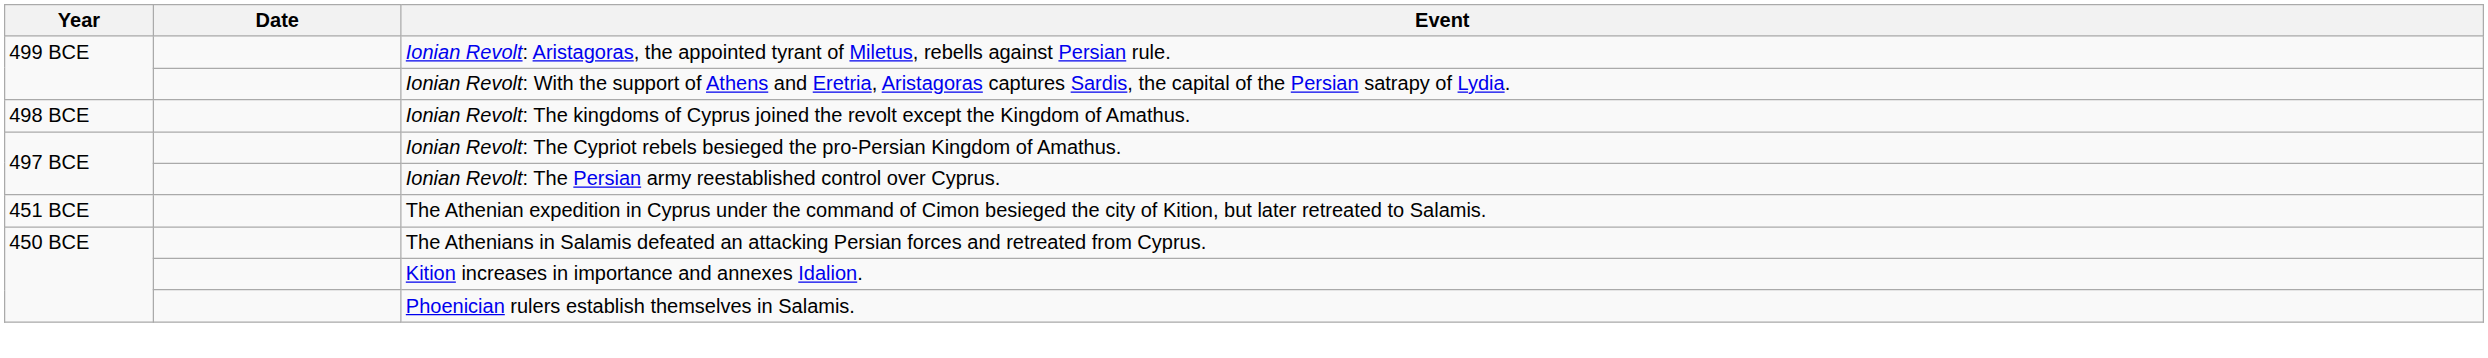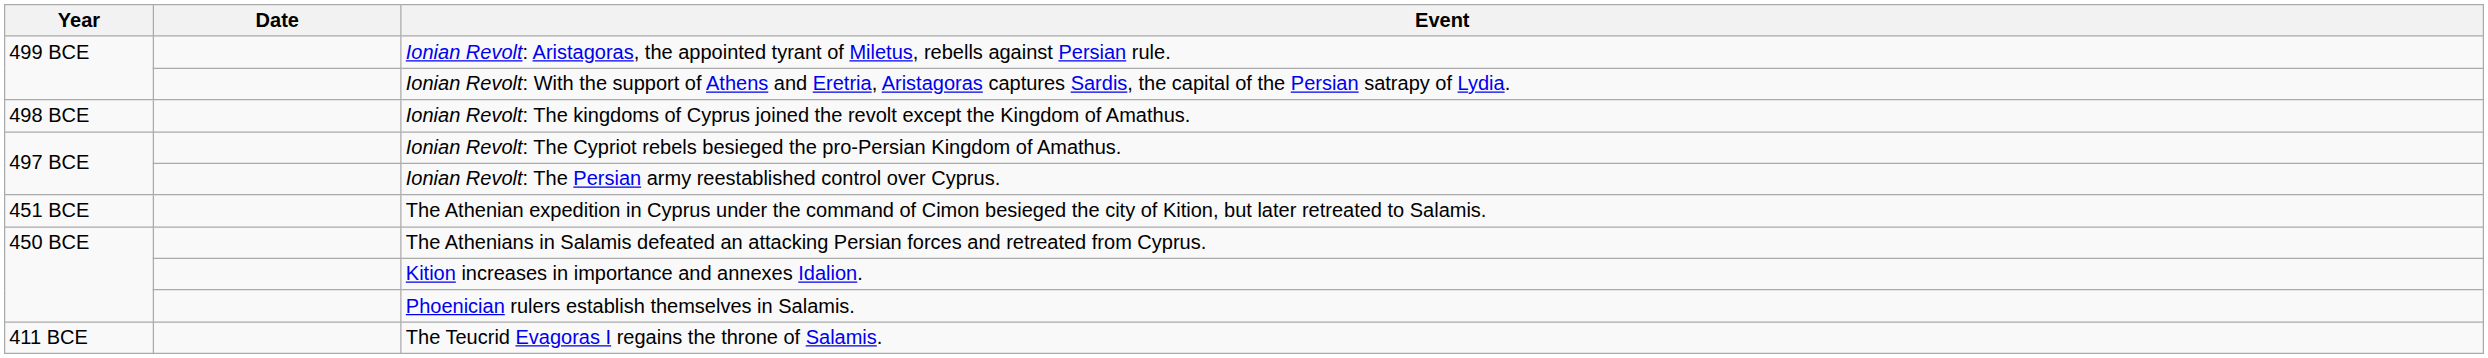 <table class="wikitable" width="100%">
 <tr>
 <th style="width:6%">Year</th>
 <th style="width:10%">Date</th>
 <th>Event</th>
 </tr>
 <tr>
 <td rowspan="2" style="vertical-align:top">499 BCE</td>
 <td></td>
 <td><em><a href='#'>Ionian Revolt</a></em>: <a href='#'>Aristagoras</a>, the appointed tyrant of <a href='#'>Miletus</a>, rebells against <a href='#'>Persian</a> rule.</td>
 </tr>
 <tr>
 <td></td>
 <td><em>Ionian Revolt</em>: With the support of <a href='#'>Athens</a> and <a href='#'>Eretria</a>, <a href='#'>Aristagoras</a> captures <a href='#'>Sardis</a>, the capital of the <a href='#'>Persian</a> satrapy of <a href='#'>Lydia</a>.</td>
 </tr>
 <tr>
 <td>498 BCE</td>
 <td></td>
 <td><em>Ionian Revolt</em>: The kingdoms of Cyprus joined the revolt except the Kingdom of Amathus.</td>
 </tr>
 <tr>
 <td rowspan="2">497 BCE</td>
 <td></td>
 <td><em>Ionian Revolt</em>: The Cypriot rebels besieged the pro-Persian Kingdom of Amathus.</td>
 </tr>
 <tr>
 <td></td>
 <td><em>Ionian Revolt</em>: The <a href='#'>Persian</a> army reestablished control over Cyprus.</td>
 </tr>
 <tr>
 <td>451 BCE</td>
 <td></td>
 <td>The Athenian expedition in Cyprus under the command of Cimon besieged the city of Kition, but later retreated to Salamis.</td>
 </tr>
 <tr>
 <td rowspan="3" style="vertical-align:top">450 BCE</td>
 <td></td>
 <td>The Athenians in Salamis defeated an attacking Persian forces and retreated from Cyprus.</td>
 </tr>
 <tr>
 <td></td>
 <td><a href='#'>Kition</a> increases in importance and annexes <a href='#'>Idalion</a>.</td>
 </tr>
 <tr>
 <td></td>
 <td><a href='#'>Phoenician</a> rulers establish themselves in Salamis.</td>
 </tr>
+<tr>
+<td>411 BCE</td>
+<td></td>
+<td>The Teucrid <a href='#'>Evagoras I</a> regains the throne of <a href='#'>Salamis</a>.</td>
+</tr>
 </table>
